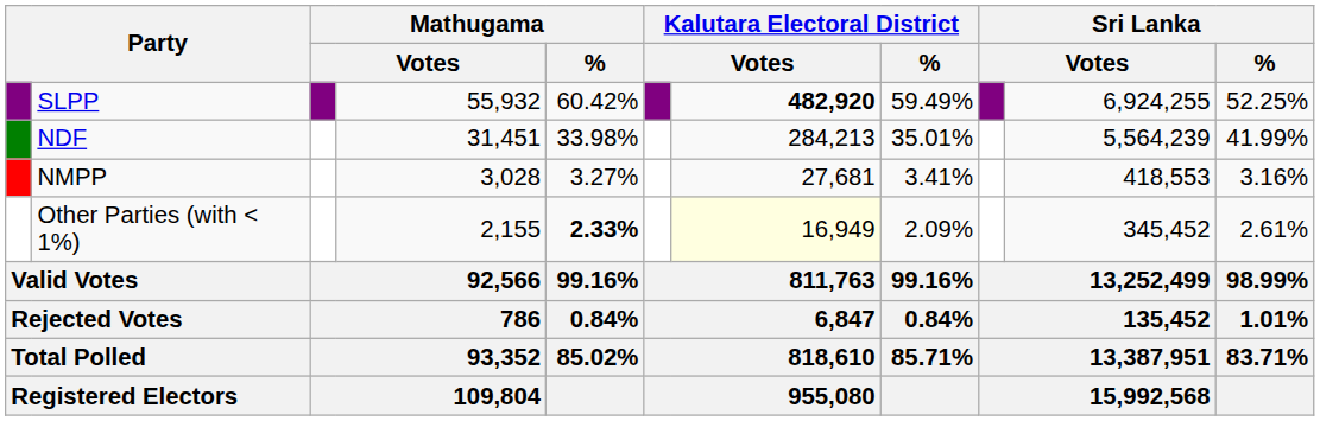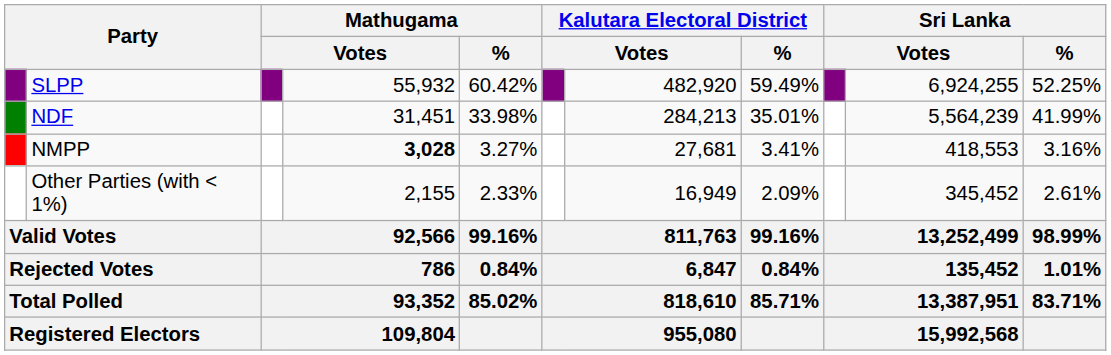 <table class="wikitable">
 <tr>
 <th colspan="2" width="144px"rowspan="2">Party</th>
 <th colspan="3" width="216px">Mathugama</th>
 <th colspan="3" width="216px"><a href='#'>Kalutara Electoral District</a></th>
 <th colspan="3" width="216px">Sri Lanka</th>
 </tr>
 <tr>
 <th colspan="2" width="144px">Votes</th>
 <th>%</th>
 <th colspan="2" width="144px">Votes</th>
 <th>%</th>
 <th colspan="2" width="144px">Votes</th>
 <th>%</th>
 </tr>
 <tr>
 <td style="background-color:purple;" width="10px"></td>
 <td style="text-align:left;"><a href='#'>SLPP</a></td>
 <td style="background-color:purple;" width="10px"></td>
 <td style="text-align:right;">55,932</td>
 <td style="text-align:right;">60.42%</td>
 <td style="background-color:purple;" width="10px"></td>
-<td style="text-align:right;"><strong>482,920</strong></td>
+<td style="text-align:right;">482,920</td>
 <td style="text-align:right;">59.49%</td>
 <td style="background-color:purple;" width="10px"></td>
 <td style="text-align:right;">6,924,255</td>
 <td style="text-align:right;">52.25%</td>
 </tr>
 <tr>
 <td style="background-color:green;" width="10px"></td>
 <td style="text-align:left;"><a href='#'>NDF</a></td>
 <td style="background-color:white;" width="10px"></td>
 <td style="text-align:right;">31,451</td>
 <td style="text-align:right;">33.98%</td>
 <td style="background-color:white;" width="10px"></td>
 <td style="text-align:right;">284,213</td>
 <td style="text-align:right;">35.01%</td>
 <td style="background-color:white;" width="10px"></td>
 <td style="text-align:right;">5,564,239</td>
 <td style="text-align:right;">41.99%</td>
 </tr>
 <tr>
 <td style="background-color:red;" width="10px"></td>
 <td style="text-align:left;">NMPP</td>
 <td style="background-color:white;" width="10px"></td>
-<td style="text-align:right;">3,028</td>
+<td style="text-align:right;"><strong>3,028</strong></td>
 <td style="text-align:right;">3.27%</td>
 <td style="background-color:white;" width="10px"></td>
 <td style="text-align:right;">27,681</td>
 <td style="text-align:right;">3.41%</td>
 <td style="background-color:white;" width="10px"></td>
 <td style="text-align:right;">418,553</td>
 <td style="text-align:right;">3.16%</td>
 </tr>
 <tr>
 <td style="background-color:white;" width="10px"></td>
 <td style="text-align:left;">Other Parties (with < 1%)</td>
 <td style="background-color:white;" width="10px"></td>
 <td style="text-align:right;">2,155</td>
-<td style="text-align:right;"><strong>2.33%</strong></td>
+<td style="text-align:right;">2.33%</td>
 <td style="background-color:white;" width="10px"></td>
-<td style="background: lightyellow; text-align:right;">16,949</td>
+<td style="text-align:right;">16,949</td>
 <td style="text-align:right;">2.09%</td>
 <td style="background-color:white;" width="10px"></td>
 <td style="text-align:right;">345,452</td>
 <td style="text-align:right;">2.61%</td>
 </tr>
 <tr>
 <th colspan="2" width="144px"style="text-align:left;">Valid Votes</th>
 <th style="text-align:right;"colspan="2" width="144px">92,566</th>
 <th style="text-align:right;">99.16%</th>
 <th style="text-align:right;"colspan="2" width="144px">811,763</th>
 <th style="text-align:right;">99.16%</th>
 <th style="text-align:right;"colspan="2" width="144px">13,252,499</th>
 <th style="text-align:right;">98.99%</th>
 </tr>
 <tr>
 <th colspan="2" width="144px"style="text-align:left;">Rejected Votes</th>
 <th style="text-align:right;"colspan="2" width="144px">786</th>
 <th style="text-align:right;">0.84%</th>
 <th style="text-align:right;"colspan="2" width="144px">6,847</th>
 <th style="text-align:right;">0.84%</th>
 <th style="text-align:right;"colspan="2" width="144px">135,452</th>
 <th style="text-align:right;">1.01%</th>
 </tr>
 <tr>
 <th colspan="2" width="144px"style="text-align:left;">Total Polled</th>
 <th style="text-align:right;"colspan="2" width="144px">93,352</th>
 <th style="text-align:right;">85.02%</th>
 <th style="text-align:right;"colspan="2" width="144px">818,610</th>
 <th style="text-align:right;">85.71%</th>
 <th style="text-align:right;"colspan="2" width="144px">13,387,951</th>
 <th style="text-align:right;">83.71%</th>
 </tr>
 <tr>
 <th colspan="2" width="144px"style="text-align:left;">Registered Electors</th>
 <th style="text-align:right;"colspan="2" width="144px">109,804</th>
 <th></th>
 <th style="text-align:right;"colspan="2" width="144px">955,080</th>
 <th></th>
 <th style="text-align:right;"colspan="2" width="144px">15,992,568</th>
 <th></th>
 </tr>
 </table>
